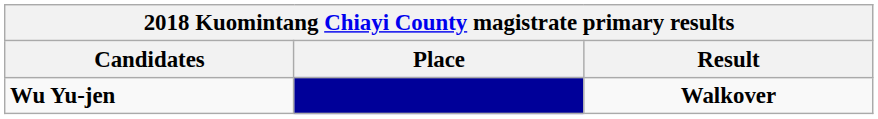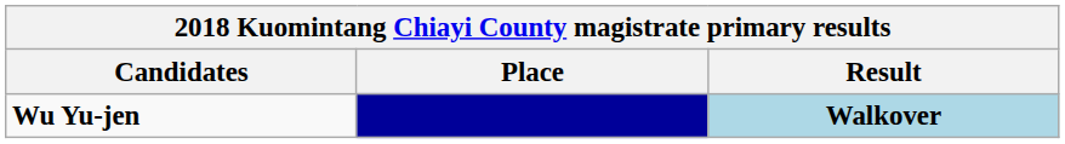 <table class="wikitable collapsible">
 <tr>
 <th colspan="6" width=600>2018 Kuomintang <a href='#'>Chiayi County</a> magistrate primary results</th>
 </tr>
 <tr>
 <th width=80>Candidates</th>
 <th width=80>Place</th>
 <th width=80>Result</th>
 </tr>
 <tr>
 <td><strong>Wu Yu-jen</strong></td>
 <td style="background: #000099; text-align:center"><strong></strong></td>
-<td style="text-align:center"><strong>Walkover</strong></td>
+<td style="background: lightblue; text-align:center"><strong>Walkover</strong></td>
 </tr>
 </table>
